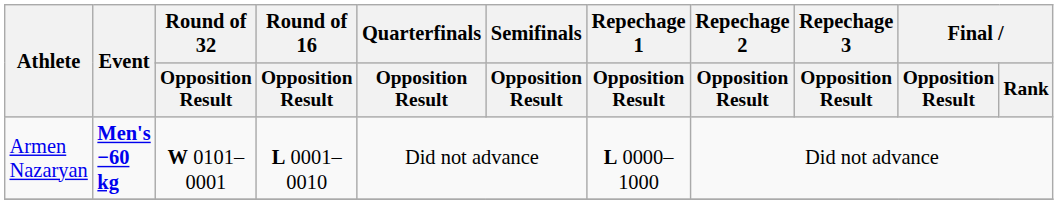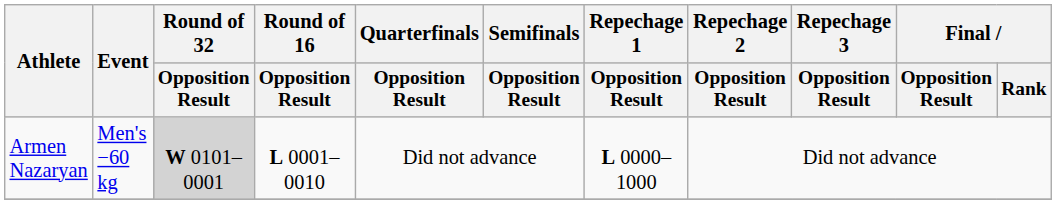 <table class="wikitable" style="font-size:90%">
 <tr>
 <th rowspan="2">Athlete</th>
 <th rowspan="2">Event</th>
 <th>Round of 32</th>
 <th>Round of 16</th>
 <th>Quarterfinals</th>
 <th>Semifinals</th>
 <th>Repechage 1</th>
 <th>Repechage 2</th>
 <th>Repechage 3</th>
 <th colspan=2>Final / </th>
 </tr>
 <tr style="font-size:95%">
 <th>Opposition<br>Result</th>
 <th>Opposition<br>Result</th>
 <th>Opposition<br>Result</th>
 <th>Opposition<br>Result</th>
 <th>Opposition<br>Result</th>
 <th>Opposition<br>Result</th>
 <th>Opposition<br>Result</th>
 <th>Opposition<br>Result</th>
 <th>Rank</th>
 </tr>
 <tr align=center>
 <td align=left><a href='#'>Armen Nazaryan</a></td>
-<td align=left><strong><a href='#'>Men's −60 kg</a></strong></td>
-<td><br><strong>W</strong> 0101–0001</td>
+<td align=left><a href='#'>Men's −60 kg</a></td>
+<td style="background: lightgrey;"><br><strong>W</strong> 0101–0001</td>
 <td><br><strong>L</strong> 0001–0010</td>
 <td colspan=2>Did not advance</td>
 <td><br><strong>L</strong> 0000–1000</td>
 <td colspan=4>Did not advance</td>
 </tr>
 <tr>
 </tr>
 </table>
